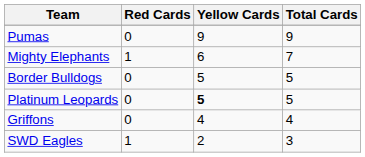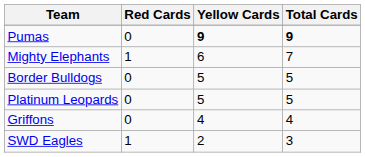 <table class="wikitable">
 <tr>
 <th>Team</th>
 <th>Red Cards </th>
 <th>Yellow Cards </th>
 <th>Total Cards</th>
 </tr>
 <tr bgcolor="#d0ffd0" align="center">
 </tr>
 <tr>
 <td align="left"><a href='#'>Pumas</a></td>
 <td>0</td>
-<td>9</td>
-<td>9</td>
+<td><strong>9</strong></td>
+<td><strong>9</strong></td>
 </tr>
 <tr>
 <td align="left"><a href='#'>Mighty Elephants</a></td>
 <td>1</td>
 <td>6</td>
 <td>7</td>
 </tr>
 <tr>
 <td align="left"><a href='#'>Border Bulldogs</a></td>
 <td>0</td>
 <td>5</td>
 <td>5</td>
 </tr>
 <tr>
 <td align="left"><a href='#'>Platinum Leopards</a></td>
 <td>0</td>
-<td><strong>5</strong></td>
+<td>5</td>
 <td>5</td>
 </tr>
 <tr>
 <td align="left"><a href='#'>Griffons</a></td>
 <td>0</td>
 <td>4</td>
 <td>4</td>
 </tr>
 <tr>
 <td align="left"><a href='#'>SWD Eagles</a></td>
 <td>1</td>
 <td>2</td>
 <td>3</td>
 </tr>
 </table>
